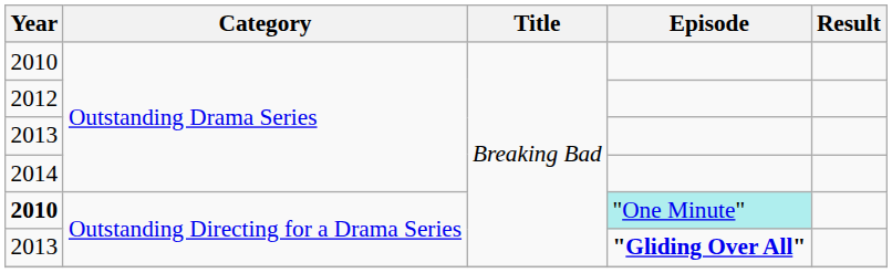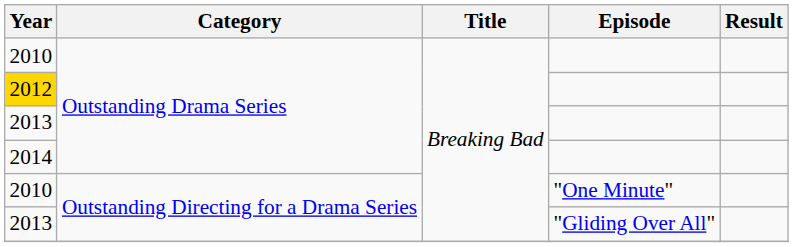 <table class="wikitable">
 <tr>
 <th>Year</th>
 <th>Category</th>
 <th>Title</th>
 <th>Episode</th>
 <th>Result</th>
 </tr>
 <tr>
 <td>2010</td>
 <td rowspan=4><a href='#'>Outstanding Drama Series</a></td>
 <td rowspan=6><em>Breaking Bad</em></td>
 <td></td>
 <td></td>
 </tr>
 <tr>
-<td>2012</td>
+<td style="background: gold;">2012</td>
 <td></td>
 <td></td>
 </tr>
 <tr>
 <td>2013</td>
 <td></td>
 <td></td>
 </tr>
 <tr>
 <td>2014</td>
 <td></td>
 <td></td>
 </tr>
 <tr>
-<td><strong>2010</strong></td>
+<td>2010</td>
 <td rowspan=2><a href='#'>Outstanding Directing for a Drama Series</a></td>
-<td style="background: paleturquoise;">"<a href='#'>One Minute</a>"</td>
+<td>"<a href='#'>One Minute</a>"</td>
 <td></td>
 </tr>
 <tr>
 <td>2013</td>
-<td><strong>"<a href='#'>Gliding Over All</a>"</strong></td>
+<td>"<a href='#'>Gliding Over All</a>"</td>
 <td></td>
 </tr>
 <tr>
 </tr>
 </table>
